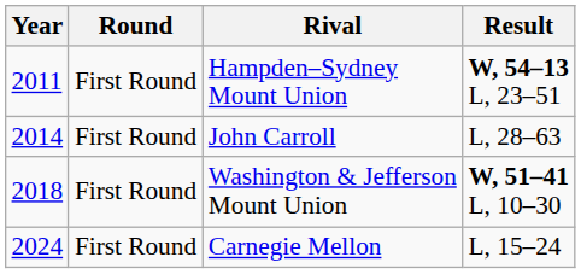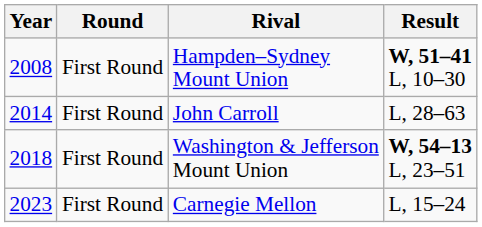 <table class="wikitable">
 <tr>
 <th width=px>Year</th>
 <th width=px>Round</th>
 <th width=px>Rival</th>
 <th width=px>Result</th>
 </tr>
 <tr>
-<td><a href='#'>2011</a></td>
+<td><a href='#'>2008</a></td>
 <td>First Round</td>
 <td><a href='#'>Hampden–Sydney</a><br><a href='#'>Mount Union</a></td>
-<td><strong>W, 54–13</strong><br>L, 23–51</td>
+<td><strong>W, 51–41</strong><br>L, 10–30</td>
 </tr>
 <tr>
 <td><a href='#'>2014</a></td>
 <td>First Round</td>
 <td><a href='#'>John Carroll</a></td>
 <td>L, 28–63</td>
 </tr>
 <tr>
 <td><a href='#'>2018</a></td>
 <td>First Round</td>
 <td><a href='#'>Washington & Jefferson</a><br>Mount Union</td>
-<td><strong>W, 51–41</strong><br>L, 10–30</td>
+<td><strong>W, 54–13</strong><br>L, 23–51</td>
 </tr>
 <tr>
-<td><a href='#'>2024</a></td>
+<td><a href='#'>2023</a></td>
 <td>First Round</td>
 <td><a href='#'>Carnegie Mellon</a></td>
 <td>L, 15–24</td>
 </tr>
 </table>
